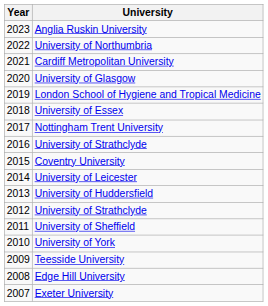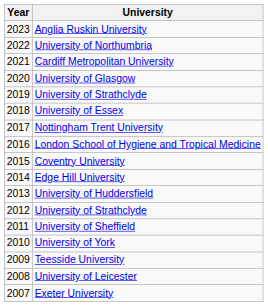 <table class="wikitable sortable">
 <tr>
 <th>Year</th>
 <th>University</th>
 </tr>
 <tr>
 <td>2023</td>
 <td><a href='#'>Anglia Ruskin University</a></td>
 </tr>
 <tr>
 <td>2022</td>
 <td><a href='#'>University of Northumbria</a></td>
 </tr>
 <tr>
 <td>2021</td>
 <td><a href='#'>Cardiff Metropolitan University</a></td>
 </tr>
 <tr>
 <td>2020</td>
 <td><a href='#'>University of Glasgow</a></td>
 </tr>
 <tr>
 <td>2019</td>
-<td><a href='#'>London School of Hygiene and Tropical Medicine</a></td>
+<td><a href='#'>University of Strathclyde</a></td>
 </tr>
 <tr>
 <td>2018</td>
 <td><a href='#'>University of Essex</a></td>
 </tr>
 <tr>
 <td>2017</td>
 <td><a href='#'>Nottingham Trent University</a></td>
 </tr>
 <tr>
 <td>2016</td>
-<td><a href='#'>University of Strathclyde</a></td>
+<td><a href='#'>London School of Hygiene and Tropical Medicine</a></td>
 </tr>
 <tr>
 <td>2015</td>
 <td><a href='#'>Coventry University</a></td>
 </tr>
 <tr>
 <td>2014</td>
-<td><a href='#'>University of Leicester</a></td>
+<td><a href='#'>Edge Hill University</a></td>
 </tr>
 <tr>
 <td>2013</td>
 <td><a href='#'>University of Huddersfield</a></td>
 </tr>
 <tr>
 <td>2012</td>
 <td><a href='#'>University of Strathclyde</a></td>
 </tr>
 <tr>
 <td>2011</td>
 <td><a href='#'>University of Sheffield</a></td>
 </tr>
 <tr>
 <td>2010</td>
 <td><a href='#'>University of York</a></td>
 </tr>
 <tr>
 <td>2009</td>
 <td><a href='#'>Teesside University</a></td>
 </tr>
 <tr>
 <td>2008</td>
-<td><a href='#'>Edge Hill University</a></td>
+<td><a href='#'>University of Leicester</a></td>
 </tr>
 <tr>
 <td>2007</td>
 <td><a href='#'>Exeter University</a></td>
 </tr>
 </table>
